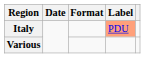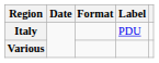 <table class="wikitable plainrowheaders">
 <tr>
 <th scope="col">Region</th>
 <th scope="col">Date</th>
 <th scope="col">Format</th>
 <th scope="col">Label</th>
 <th scope="col"></th>
 </tr>
 <tr>
 <th scope="row">Italy</th>
 <td rowspan="2"></td>
 <td></td>
-<td style="background: lightsalmon;"><a href='#'>PDU</a></td>
+<td><a href='#'>PDU</a></td>
 <td style="text-align:center;"></td>
 </tr>
 <tr>
 <th scope="row">Various</th>
 <td></td>
 <td></td>
 <td style="text-align:center;"></td>
 </tr>
 </table>
